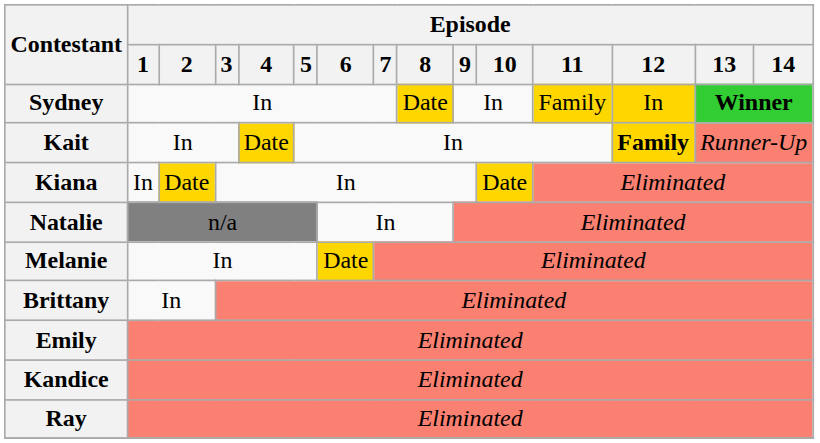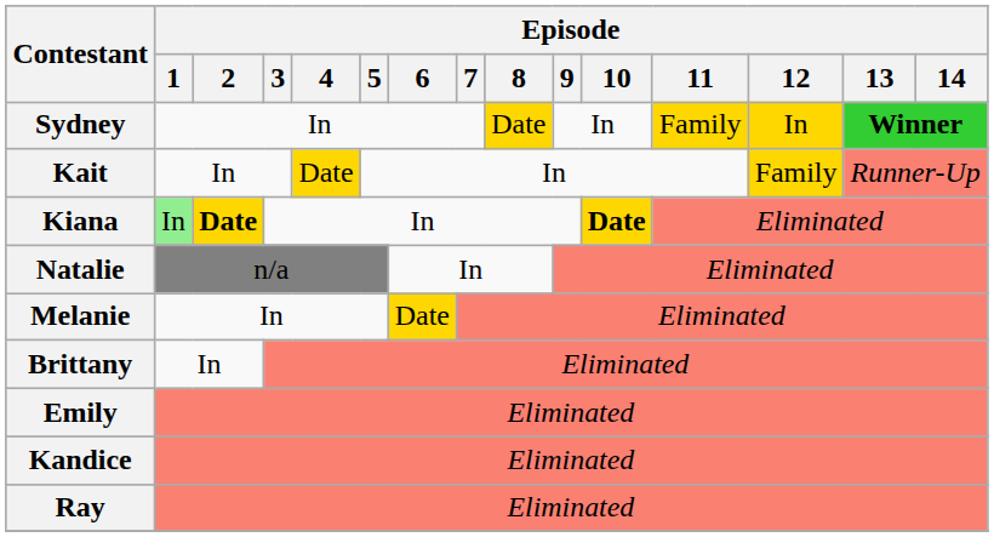 <table class="wikitable" style="text-align:center; font-size:90%;">
 <tr>
 <th rowspan="2">Contestant</th>
 <th colspan="14">Episode</th>
 </tr>
 <tr>
 <th>1</th>
 <th>2</th>
 <th>3</th>
 <th>4</th>
 <th>5</th>
 <th>6</th>
 <th>7</th>
 <th>8</th>
 <th>9</th>
 <th>10</th>
 <th>11</th>
 <th>12</th>
 <th>13</th>
 <th>14</th>
 </tr>
 <tr>
 <th>Sydney</th>
 <td colspan="7">In</td>
 <td style="background:gold;">Date</td>
 <td colspan="2">In</td>
 <td style="background:gold;">Family</td>
 <td style="background: gold;">In</td>
 <td colspan="2" bgcolor="limegreen"><strong>Winner</strong></td>
 </tr>
 <tr>
 <th>Kait</th>
 <td colspan="3">In</td>
 <td style="background:gold;">Date</td>
 <td colspan="7">In</td>
-<td style="background:gold;"><strong>Family</strong></td>
+<td style="background:gold;">Family</td>
 <td colspan="2" bgcolor="salmon"><em>Runner-Up</em></td>
 </tr>
 <tr>
 <th>Kiana</th>
-<td>In</td>
-<td style="background:gold;">Date</td>
+<td style="background: lightgreen;">In</td>
+<td style="background:gold;"><strong>Date</strong></td>
 <td colspan="7">In</td>
-<td style="background:gold;">Date</td>
+<td style="background:gold;"><strong>Date</strong></td>
 <td style="background:salmon;" colspan="4"><em>Eliminated</em></td>
 </tr>
 <tr>
 <th>Natalie</th>
 <td style="background:gray;" colspan="5">n/a</td>
 <td colspan="3">In</td>
 <td style="background:salmon;" colspan="6"><em>Eliminated</em></td>
 </tr>
 <tr>
 <th>Melanie</th>
 <td colspan="5">In</td>
 <td style="background:gold;">Date</td>
 <td style="background:salmon;" colspan="8"><em>Eliminated</em></td>
 </tr>
 <tr>
 <th>Brittany</th>
 <td colspan="2">In</td>
 <td style="background:salmon;" colspan="12"><em>Eliminated</em></td>
 </tr>
 <tr>
 <th>Emily</th>
 <td style="background:salmon;" colspan="14"><em>Eliminated</em></td>
 </tr>
 <tr>
 <th>Kandice</th>
 <td style="background:salmon;" colspan="14"><em>Eliminated</em></td>
 </tr>
 <tr>
 <th>Ray</th>
 <td style="background:salmon;" colspan="14"><em>Eliminated</em></td>
 </tr>
 <tr>
 </tr>
 </table>
